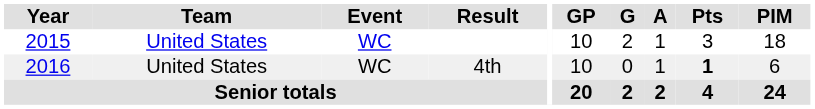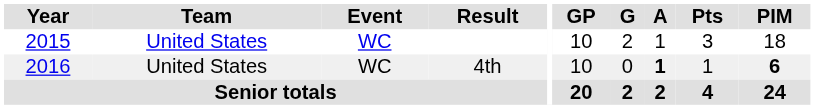 <table border="0" cellpadding="1" cellspacing="0" ID="Table3" style="text-align:center; width:40em">
 <tr ALIGN="center" bgcolor="#e0e0e0">
 <th>Year</th>
 <th>Team</th>
 <th>Event</th>
 <th>Result</th>
 <th rowspan="99" bgcolor="#ffffff"></th>
 <th>GP</th>
 <th>G</th>
 <th>A</th>
 <th>Pts</th>
 <th>PIM</th>
 </tr>
 <tr>
 <td><a href='#'>2015</a></td>
 <td><a href='#'>United States</a></td>
 <td><a href='#'>WC</a></td>
 <td></td>
 <td>10</td>
 <td>2</td>
 <td>1</td>
 <td>3</td>
 <td>18</td>
 </tr>
 <tr bgcolor="#f0f0f0">
 <td><a href='#'>2016</a></td>
 <td>United States</td>
 <td>WC</td>
 <td>4th</td>
 <td>10</td>
 <td>0</td>
+<td><strong>1</strong></td>
 <td>1</td>
-<td><strong>1</strong></td>
-<td>6</td>
+<td><strong>6</strong></td>
 </tr>
 <tr bgcolor="#e0e0e0">
 <th colspan="4">Senior totals</th>
 <th>20</th>
 <th>2</th>
 <th>2</th>
 <th>4</th>
 <th>24</th>
 </tr>
 </table>
